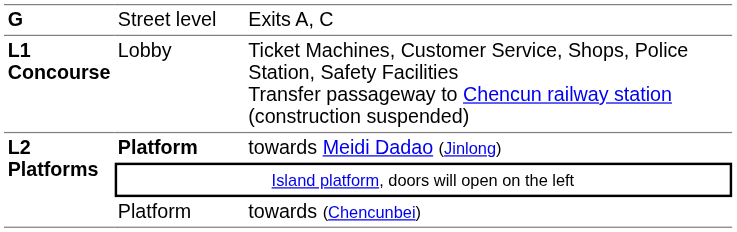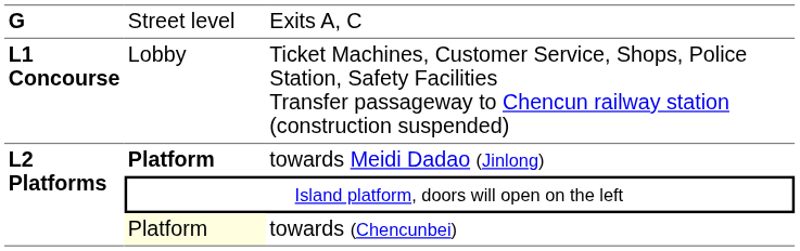 <table table border=0 cellspacing=0 cellpadding=3>
 <tr>
 <td style="border-top:solid 1px gray;" width=50 valign=top><strong>G</strong></td>
 <td style="border-top:solid 1px gray;" width=100 valign=top>Street level</td>
 <td style="border-top:solid 1px gray;" width=390 valign=top>Exits A, C</td>
 </tr>
 <tr>
 <td style="border-bottom:solid 1px gray; border-top:solid 1px gray;" valign=top><strong>L1<br>Concourse</strong></td>
 <td style="border-bottom:solid 1px gray; border-top:solid 1px gray;" valign=top>Lobby</td>
 <td style="border-bottom:solid 1px gray; border-top:solid 1px gray;" valign=top>Ticket Machines, Customer Service, Shops, Police Station, Safety Facilities<br>Transfer passageway to <a href='#'>Chencun railway station</a> (construction suspended)</td>
 </tr>
 <tr>
 <td style="border-bottom:solid 1px gray;" rowspan=3 valign=top><strong>L2<br>Platforms</strong></td>
 <td><strong>Platform </strong></td>
 <td>   towards <a href='#'>Meidi Dadao</a> <small>(<a href='#'>Jinlong</a>)</small></td>
 </tr>
 <tr>
 <td style="border-right:solid 2px black;border-left:solid 2px black;border-top:solid 2px black;border-bottom:solid 2px black;text-align:center;" colspan=2><small><a href='#'>Island platform</a>, doors will open on the left</small></td>
 </tr>
 <tr>
-<td style="border-bottom:solid 1px gray;">Platform </td>
+<td style="background: lightyellow; border-bottom:solid 1px gray;">Platform </td>
 <td style="border-bottom:solid 1px gray;">  towards  <small>(<a href='#'>Chencunbei</a>)</small> </td>
 </tr>
 </table>
